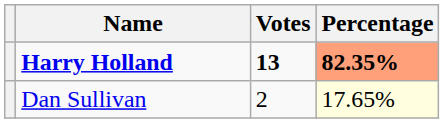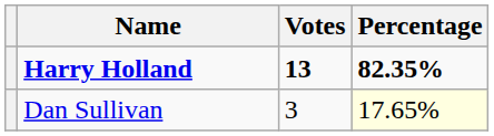 <table class="wikitable">
 <tr>
 <th></th>
 <th>Name</th>
 <th>Votes</th>
 <th>Percentage</th>
 </tr>
 <tr>
 <th style="background-color: "></th>
 <td width="150"><strong><a href='#'>Harry Holland</a></strong></td>
 <td><strong>13</strong></td>
-<td style="background: lightsalmon;"><strong>82.35%</strong></td>
+<td><strong>82.35%</strong></td>
 </tr>
 <tr>
 <th style="background-color: "></th>
 <td><a href='#'>Dan Sullivan</a></td>
-<td>2</td>
+<td>3</td>
 <td style="background: lightyellow;">17.65%</td>
 </tr>
 </table>
